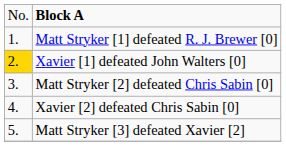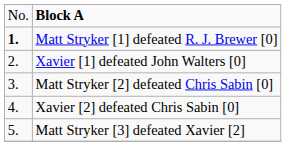 <table class="wikitable">
 <tr>
 <td>No.</td>
 <td><strong>Block A</strong></td>
 </tr>
 <tr>
-<td>1.</td>
+<td><strong>1.</strong></td>
 <td><a href='#'>Matt Stryker</a> [1] defeated <a href='#'>R. J. Brewer</a> [0]</td>
 </tr>
 <tr>
-<td style="background: gold;">2.</td>
+<td>2.</td>
 <td><a href='#'>Xavier</a> [1] defeated John Walters [0]</td>
 </tr>
 <tr>
 <td>3.</td>
 <td>Matt Stryker [2] defeated <a href='#'>Chris Sabin</a> [0]</td>
 </tr>
 <tr>
 <td>4.</td>
 <td>Xavier [2] defeated Chris Sabin [0]</td>
 </tr>
 <tr>
 <td>5.</td>
 <td>Matt Stryker [3] defeated Xavier [2]</td>
 </tr>
 <tr>
 </tr>
 </table>
